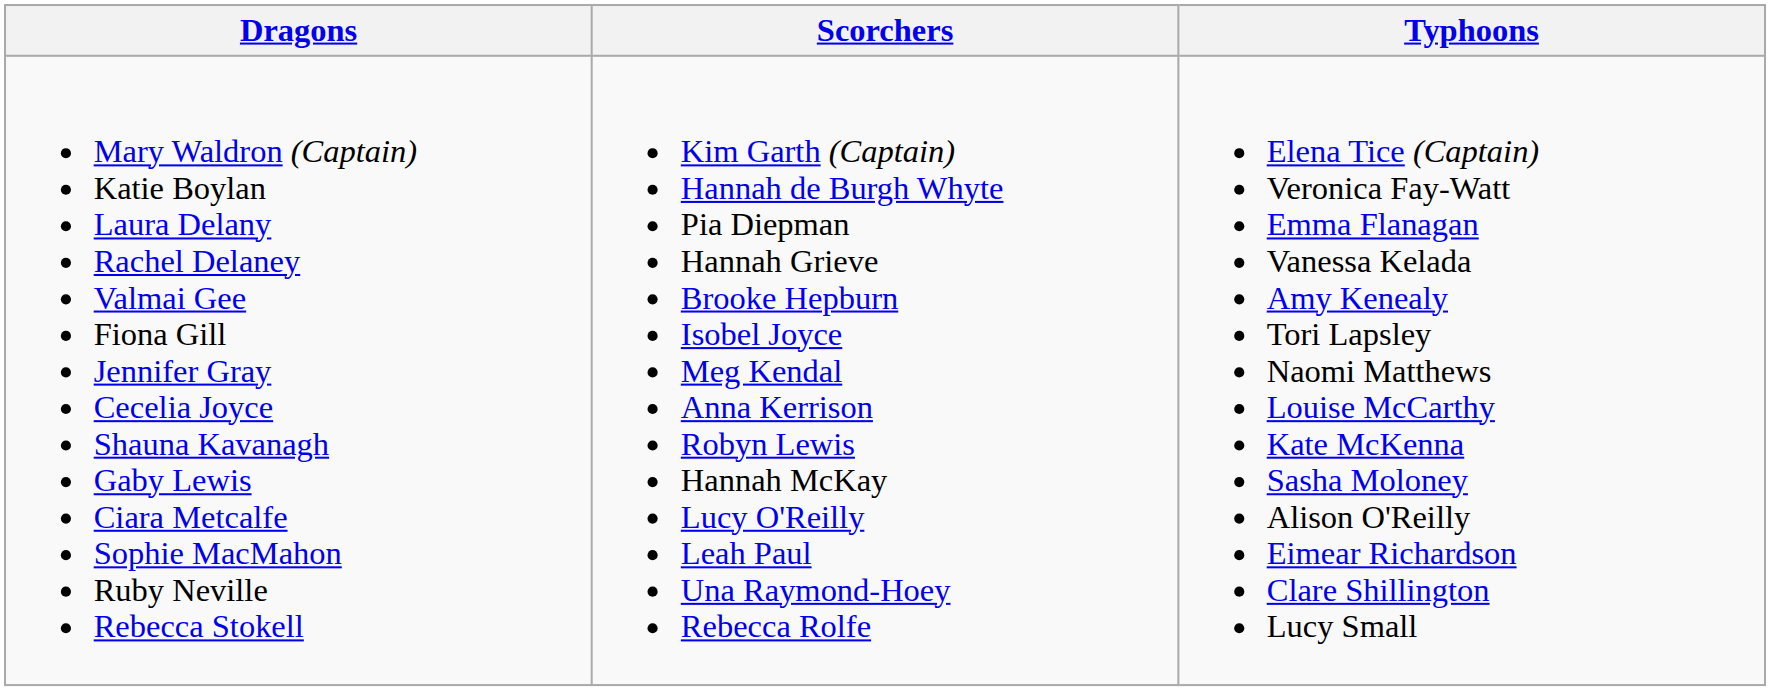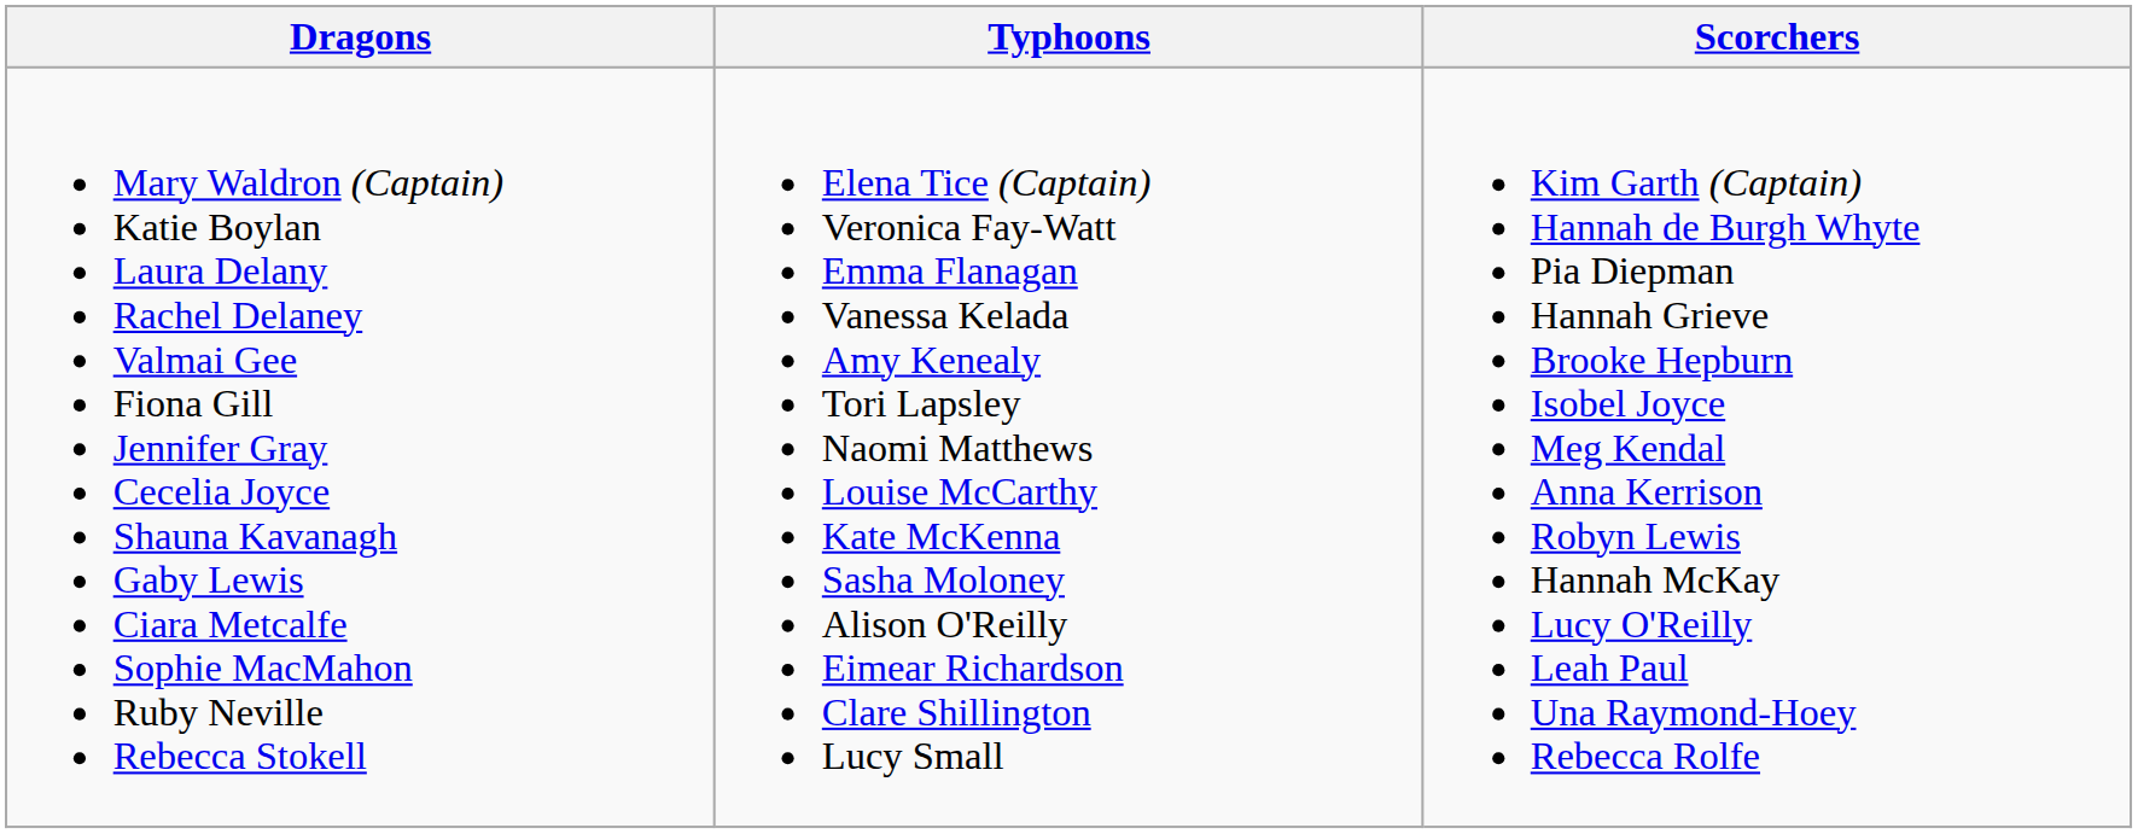 <table class="wikitable">
 <tr>
 <th width=300><a href='#'>Dragons</a></th>
+<th width=300><a href='#'>Typhoons</a></th>
 <th width=300><a href='#'>Scorchers</a></th>
-<th width=300><a href='#'>Typhoons</a></th>
 </tr>
 <tr>
 <td valign=top><br><ul><li><a href='#'>Mary Waldron</a> <em>(Captain)</em></li><li>Katie Boylan</li><li><a href='#'>Laura Delany</a></li><li><a href='#'>Rachel Delaney</a></li><li><a href='#'>Valmai Gee</a></li><li>Fiona Gill</li><li><a href='#'>Jennifer Gray</a></li><li><a href='#'>Cecelia Joyce</a></li><li><a href='#'>Shauna Kavanagh</a></li><li><a href='#'>Gaby Lewis</a></li><li><a href='#'>Ciara Metcalfe</a></li><li><a href='#'>Sophie MacMahon</a></li><li>Ruby Neville</li><li><a href='#'>Rebecca Stokell</a></li></ul></td>
+<td valign=top><br><ul><li><a href='#'>Elena Tice</a> <em>(Captain)</em></li><li>Veronica Fay-Watt</li><li><a href='#'>Emma Flanagan</a></li><li>Vanessa Kelada</li><li><a href='#'>Amy Kenealy</a></li><li>Tori Lapsley</li><li>Naomi Matthews</li><li><a href='#'>Louise McCarthy</a></li><li><a href='#'>Kate McKenna</a></li><li><a href='#'>Sasha Moloney</a></li><li>Alison O'Reilly</li><li><a href='#'>Eimear Richardson</a></li><li><a href='#'>Clare Shillington</a></li><li>Lucy Small</li></ul></td>
 <td valign=top><br><ul><li><a href='#'>Kim Garth</a> <em>(Captain)</em></li><li><a href='#'>Hannah de Burgh Whyte</a></li><li>Pia Diepman</li><li>Hannah Grieve</li><li><a href='#'>Brooke Hepburn</a></li><li><a href='#'>Isobel Joyce</a></li><li><a href='#'>Meg Kendal</a></li><li><a href='#'>Anna Kerrison</a></li><li><a href='#'>Robyn Lewis</a></li><li>Hannah McKay</li><li><a href='#'>Lucy O'Reilly</a></li><li><a href='#'>Leah Paul</a></li><li><a href='#'>Una Raymond-Hoey</a></li><li><a href='#'>Rebecca Rolfe</a></li></ul></td>
-<td valign=top><br><ul><li><a href='#'>Elena Tice</a> <em>(Captain)</em></li><li>Veronica Fay-Watt</li><li><a href='#'>Emma Flanagan</a></li><li>Vanessa Kelada</li><li><a href='#'>Amy Kenealy</a></li><li>Tori Lapsley</li><li>Naomi Matthews</li><li><a href='#'>Louise McCarthy</a></li><li><a href='#'>Kate McKenna</a></li><li><a href='#'>Sasha Moloney</a></li><li>Alison O'Reilly</li><li><a href='#'>Eimear Richardson</a></li><li><a href='#'>Clare Shillington</a></li><li>Lucy Small</li></ul></td>
 </tr>
 </table>
